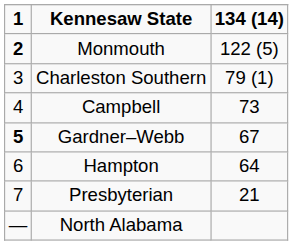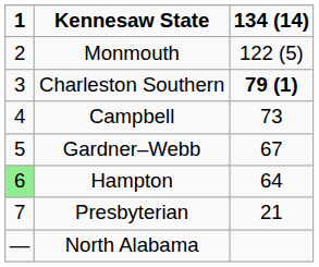 <table class="wikitable">
 <tr align="center">
 </tr>
 <tr align="center">
 <td><strong>1</strong></td>
 <td><strong>Kennesaw State</strong></td>
 <td><strong>134 (14)</strong></td>
 </tr>
 <tr align="center">
-<td><strong>2</strong></td>
+<td>2</td>
 <td>Monmouth</td>
 <td>122 (5)</td>
 </tr>
 <tr align="center">
 <td>3</td>
 <td>Charleston Southern</td>
-<td>79 (1)</td>
+<td><strong>79 (1)</strong></td>
 </tr>
 <tr align="center">
 <td>4</td>
 <td>Campbell</td>
 <td>73</td>
 </tr>
 <tr align="center">
-<td><strong>5</strong></td>
+<td>5</td>
 <td>Gardner–Webb</td>
 <td>67</td>
 </tr>
 <tr align="center">
-<td>6</td>
+<td style="background: lightgreen;">6</td>
 <td>Hampton</td>
 <td>64</td>
 </tr>
 <tr align="center">
 <td>7</td>
 <td>Presbyterian</td>
 <td>21</td>
 </tr>
 <tr align="center">
 <td>—</td>
 <td>North Alabama</td>
 <td></td>
 </tr>
 </table>
